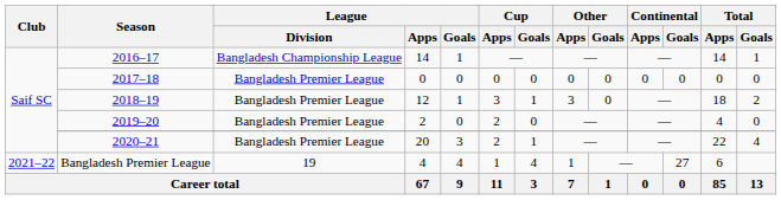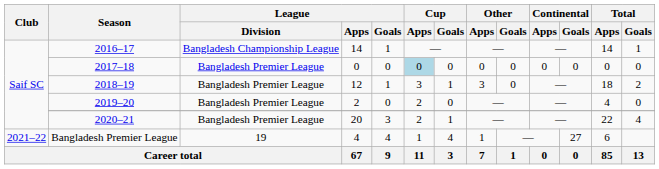 <table class="wikitable" style="text-align: center">
 <tr>
 <th rowspan="2">Club</th>
 <th rowspan="2">Season</th>
 <th colspan="3">League</th>
 <th colspan="2">Cup</th>
 <th colspan="2">Other</th>
 <th colspan="2">Continental</th>
 <th colspan="2">Total</th>
 </tr>
 <tr>
 <th>Division</th>
 <th>Apps</th>
 <th>Goals</th>
 <th>Apps</th>
 <th>Goals</th>
 <th>Apps</th>
 <th>Goals</th>
 <th>Apps</th>
 <th>Goals</th>
 <th>Apps</th>
 <th>Goals</th>
 </tr>
 <tr>
 <td rowspan="6"><a href='#'>Saif SC</a></td>
 <td><a href='#'>2016–17</a></td>
 <td><a href='#'>Bangladesh Championship League</a></td>
 <td>14</td>
 <td>1</td>
 <td colspan="2">—</td>
 <td colspan="2">—</td>
 <td colspan="2">—</td>
 <td>14</td>
 <td>1</td>
 </tr>
 <tr>
 <td><a href='#'>2017–18</a></td>
 <td><a href='#'>Bangladesh Premier League</a></td>
 <td>0</td>
 <td>0</td>
-<td>0</td>
+<td style="background: lightblue;">0</td>
 <td>0</td>
 <td>0</td>
 <td>0</td>
 <td>0</td>
 <td>0</td>
 <td>0</td>
 <td>0</td>
 </tr>
 <tr>
 <td><a href='#'>2018–19</a></td>
 <td>Bangladesh Premier League</td>
 <td>12</td>
 <td>1</td>
 <td>3</td>
 <td>1</td>
 <td>3</td>
 <td>0</td>
 <td colspan="2">—</td>
 <td>18</td>
 <td>2</td>
 </tr>
 <tr>
 <td><a href='#'>2019–20</a></td>
 <td>Bangladesh Premier League</td>
 <td>2</td>
 <td>0</td>
 <td>2</td>
 <td>0</td>
 <td colspan="2">—</td>
 <td colspan="2">—</td>
 <td>4</td>
 <td>0</td>
 </tr>
 <tr>
 </tr>
 <tr>
 <td><a href='#'>2020–21</a></td>
 <td>Bangladesh Premier League</td>
 <td>20</td>
 <td>3</td>
 <td>2</td>
 <td>1</td>
 <td colspan="2">—</td>
 <td colspan="2">—</td>
 <td>22</td>
 <td>4</td>
 </tr>
 <tr>
 <td><a href='#'>2021–22</a></td>
 <td>Bangladesh Premier League</td>
 <td>19</td>
 <td>4</td>
 <td>4</td>
 <td>1</td>
 <td>4</td>
 <td>1</td>
 <td colspan="2">—</td>
 <td>27</td>
 <td>6</td>
 </tr>
 <tr>
 <th colspan="3"><strong>Career total</strong></th>
 <th>67</th>
 <th>9</th>
 <th>11</th>
 <th>3</th>
 <th>7</th>
 <th>1</th>
 <th>0</th>
 <th>0</th>
 <th>85</th>
 <th>13</th>
 </tr>
 </table>
